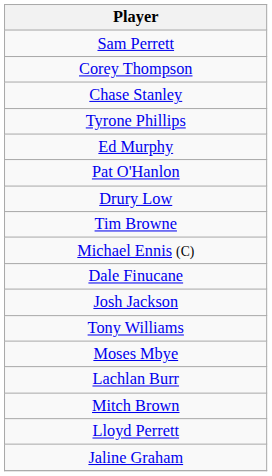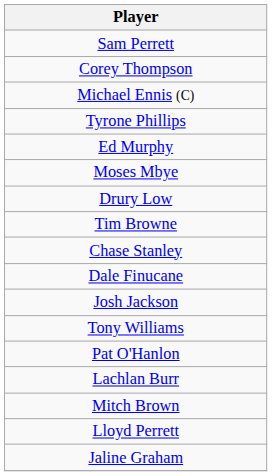 <table class="wikitable" style="text-align: center;">
 <tr>
 <th style="width:250px;">Player</th>
 </tr>
 <tr>
 <td><a href='#'>Sam Perrett</a></td>
 </tr>
 <tr>
 <td><a href='#'>Corey Thompson</a></td>
 </tr>
 <tr>
-<td><a href='#'>Chase Stanley</a></td>
+<td><a href='#'>Michael Ennis</a> <small>(C)</small></td>
 </tr>
 <tr>
 <td><a href='#'>Tyrone Phillips</a></td>
 </tr>
 <tr>
 <td><a href='#'>Ed Murphy</a></td>
 </tr>
 <tr>
-<td><a href='#'>Pat O'Hanlon</a></td>
+<td><a href='#'>Moses Mbye</a></td>
 </tr>
 <tr>
 <td><a href='#'>Drury Low</a></td>
 </tr>
 <tr>
 <td><a href='#'>Tim Browne</a></td>
 </tr>
 <tr>
-<td><a href='#'>Michael Ennis</a> <small>(C)</small></td>
+<td><a href='#'>Chase Stanley</a></td>
 </tr>
 <tr>
 <td><a href='#'>Dale Finucane</a></td>
 </tr>
 <tr>
 <td><a href='#'>Josh Jackson</a></td>
 </tr>
 <tr>
 <td><a href='#'>Tony Williams</a></td>
 </tr>
 <tr>
-<td><a href='#'>Moses Mbye</a></td>
+<td><a href='#'>Pat O'Hanlon</a></td>
 </tr>
 <tr>
 <td><a href='#'>Lachlan Burr</a></td>
 </tr>
 <tr>
 <td><a href='#'>Mitch Brown</a></td>
 </tr>
 <tr>
 <td><a href='#'>Lloyd Perrett</a></td>
 </tr>
 <tr>
 <td><a href='#'>Jaline Graham</a></td>
 </tr>
 <tr>
 </tr>
 </table>
